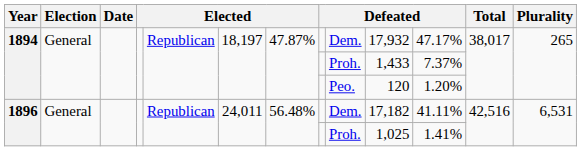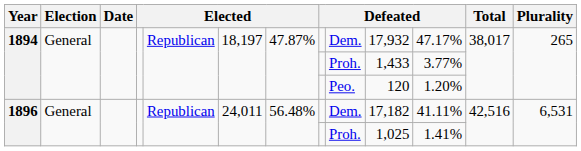 <table class=wikitable>
 <tr>
 <th>Year</th>
 <th>Election</th>
 <th>Date</th>
 <th ! colspan="4">Elected</th>
 <th ! colspan="4">Defeated</th>
 <th>Total</th>
 <th>Plurality</th>
 </tr>
 <tr>
 <th rowspan="3" valign="top">1894</th>
 <td rowspan="3" valign="top">General</td>
 <td rowspan="3" valign="top"></td>
 <td rowspan="3" valign="top"></td>
 <td rowspan="3" valign="top" ><a href='#'>Republican</a></td>
 <td rowspan="3" valign="top" align="right">18,197</td>
 <td rowspan="3" valign="top" align="right">47.87%</td>
 <td valign="top"></td>
 <td valign="top" ><a href='#'>Dem.</a></td>
 <td valign="top" align="right">17,932</td>
 <td valign="top" align="right">47.17%</td>
 <td rowspan="3" valign="top" align="right">38,017</td>
 <td rowspan="3" valign="top" align="right">265</td>
 </tr>
 <tr>
 <td valign="top"></td>
 <td valign="top" ><a href='#'>Proh.</a></td>
 <td valign="top" align="right">1,433</td>
-<td valign="top" align="right">7.37%</td>
+<td valign="top" align="right">3.77%</td>
 </tr>
 <tr>
 <td valign="top"></td>
 <td valign="top" ><a href='#'>Peo.</a></td>
 <td valign="top" align="right">120</td>
 <td valign="top" align="right">1.20%</td>
 </tr>
 <tr>
 <th rowspan="2" valign="top">1896</th>
 <td rowspan="2" valign="top">General</td>
 <td rowspan="2" valign="top"></td>
 <td rowspan="2" valign="top"></td>
 <td rowspan="2" valign="top" ><a href='#'>Republican</a></td>
 <td rowspan="2" valign="top" align="right">24,011</td>
 <td rowspan="2" valign="top" align="right">56.48%</td>
 <td valign="top"></td>
 <td valign="top" ><a href='#'>Dem.</a></td>
 <td valign="top" align="right">17,182</td>
 <td valign="top" align="right">41.11%</td>
 <td rowspan="2" valign="top" align="right">42,516</td>
 <td rowspan="2" valign="top" align="right">6,531</td>
 </tr>
 <tr>
 <td valign="top"></td>
 <td valign="top" ><a href='#'>Proh.</a></td>
 <td valign="top" align="right">1,025</td>
 <td valign="top" align="right">1.41%</td>
 </tr>
 </table>
